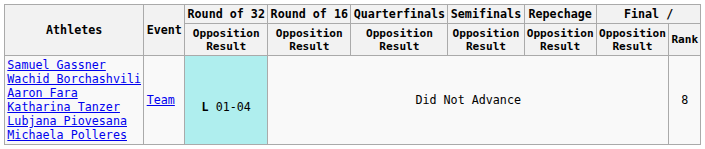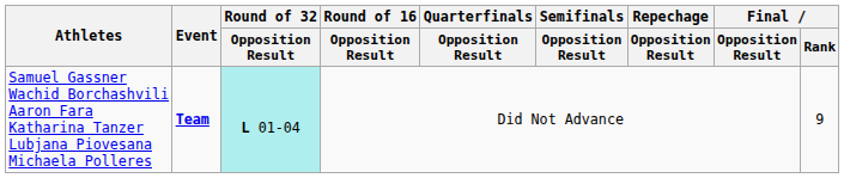 <table class="wikitable" style="font-size:90%">
 <tr>
 <th rowspan="2">Athletes</th>
 <th rowspan="2">Event</th>
 <th>Round of 32</th>
 <th>Round of 16</th>
 <th>Quarterfinals</th>
 <th>Semifinals</th>
 <th>Repechage</th>
 <th colspan=2>Final / </th>
 </tr>
 <tr style="font-size:95%">
 <th>Opposition<br>Result</th>
 <th>Opposition<br>Result</th>
 <th>Opposition<br>Result</th>
 <th>Opposition<br>Result</th>
 <th>Opposition<br>Result</th>
 <th>Opposition<br>Result</th>
 <th>Rank</th>
 </tr>
 <tr align=center>
 <td align=left><a href='#'>Samuel Gassner</a><br><a href='#'>Wachid Borchashvili</a><br><a href='#'>Aaron Fara</a><br><a href='#'>Katharina Tanzer</a><br><a href='#'>Lubjana Piovesana</a><br><a href='#'>Michaela Polleres</a></td>
-<td align=left><a href='#'>Team</a></td>
+<td align=left><strong><a href='#'>Team</a></strong></td>
 <td style="background: paleturquoise;"><br><strong>L</strong> 01-04</td>
 <td colspan="5">Did Not Advance</td>
-<td>8</td>
+<td>9</td>
 </tr>
 </table>
